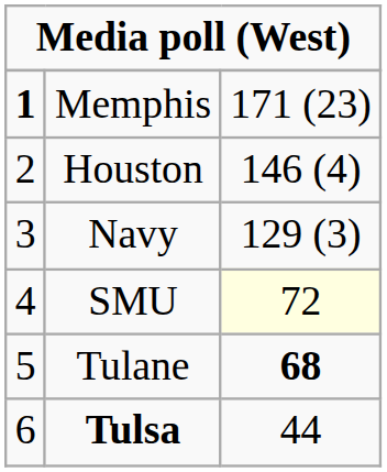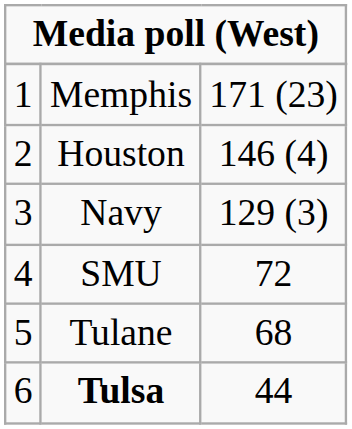 <table class="wikitable">
 <tr align="center">
 <td align="center" Colspan="3"><strong>Media poll (West)</strong></td>
 </tr>
 <tr align="center">
 </tr>
 <tr align="center">
-<td><strong>1</strong></td>
+<td>1</td>
 <td>Memphis</td>
 <td>171 (23)</td>
 </tr>
 <tr align="center">
 <td>2</td>
 <td>Houston</td>
 <td>146 (4)</td>
 </tr>
 <tr align="center">
 <td>3</td>
 <td>Navy</td>
 <td>129 (3)</td>
 </tr>
 <tr align="center">
 <td>4</td>
 <td>SMU</td>
-<td style="background: lightyellow;">72</td>
+<td>72</td>
 </tr>
 <tr align="center">
 <td>5</td>
 <td>Tulane</td>
-<td><strong>68</strong></td>
+<td>68</td>
 </tr>
 <tr align="center">
 <td>6</td>
 <td><strong>Tulsa</strong></td>
 <td>44</td>
 </tr>
 </table>
